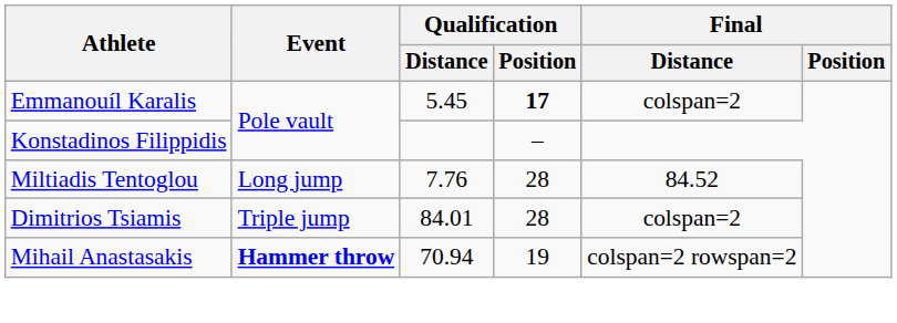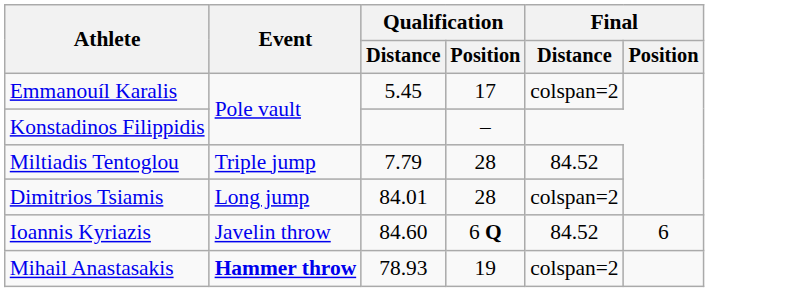 <table class=wikitable style="font-size:90%">
 <tr>
 <th rowspan="2">Athlete</th>
 <th rowspan="2">Event</th>
 <th colspan="2">Qualification</th>
 <th colspan="2">Final</th>
 </tr>
 <tr style="font-size:95%">
 <th>Distance</th>
 <th>Position</th>
 <th>Distance</th>
 <th>Position</th>
 </tr>
 <tr style=text-align:center>
 <td style=text-align:left><a href='#'>Emmanouíl Karalis</a></td>
 <td style=text-align:left rowspan=2><a href='#'>Pole vault</a></td>
 <td>5.45</td>
-<td><strong>17</strong></td>
+<td>17</td>
 <td>colspan=2 </td>
 </tr>
 <tr style=text-align:center>
 <td style=text-align:left><a href='#'>Konstadinos Filippidis</a></td>
 <td></td>
 <td>–</td>
 </tr>
 <tr style=text-align:center>
 <td style=text-align:left><a href='#'>Miltiadis Tentoglou</a></td>
-<td style=text-align:left><a href='#'>Long jump</a></td>
-<td>7.76</td>
+<td style=text-align:left><a href='#'>Triple jump</a></td>
+<td>7.79</td>
 <td>28</td>
 <td>84.52</td>
 </tr>
 <tr style=text-align:center>
 <td style=text-align:left><a href='#'>Dimitrios Tsiamis</a></td>
-<td style=text-align:left><a href='#'>Triple jump</a></td>
+<td style=text-align:left><a href='#'>Long jump</a></td>
 <td>84.01</td>
 <td>28</td>
 <td>colspan=2 </td>
 </tr>
 <tr style=text-align:center>
+<td style=text-align:left><a href='#'>Ioannis Kyriazis</a></td>
+<td style=text-align:left><a href='#'>Javelin throw</a></td>
+<td>84.60</td>
+<td>6 <strong>Q</strong></td>
+<td>84.52</td>
+<td>6</td>
+</tr>
+<tr style=text-align:center>
 <td style=text-align:left><a href='#'>Mihail Anastasakis</a></td>
 <td style=text-align:left><strong><a href='#'>Hammer throw</a></strong></td>
-<td>70.94</td>
+<td>78.93</td>
 <td>19</td>
-<td>colspan=2 rowspan=2 </td>
+<td>colspan=2 </td>
 </tr>
 </table>
